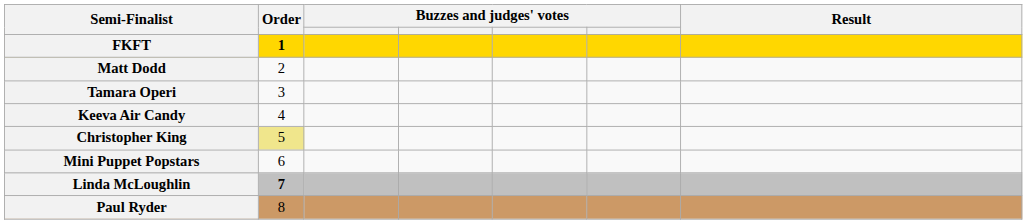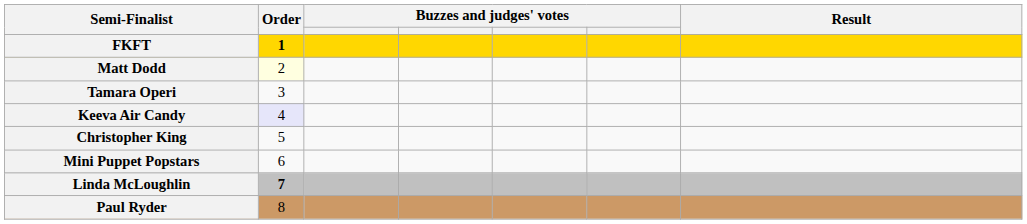 <table class="wikitable plainrowheaders sortable" style="text-align:center;">
 <tr>
 <th scope="col" rowspan="2" class="unsortable" style="width:17em;">Semi-Finalist</th>
 <th scope="col" rowspan="2" style="width:1em;">Order</th>
 <th scope="col" colspan="4" class="unsortable" style="width:24em;">Buzzes and judges' votes</th>
 <th scope="col" rowspan="2" style="width:23em;">Result</th>
 </tr>
 <tr>
 <th scope="col" class="unsortable" style="width:6em;"></th>
 <th scope="col" class="unsortable" style="width:6em;"></th>
 <th scope="col" class="unsortable" style="width:6em;"></th>
 <th scope="col" class="unsortable" style="width:6em;"></th>
 </tr>
 <tr style="background:gold">
 <th scope="row"><strong>FKFT</strong></th>
 <td><strong>1</strong></td>
 <td style="text-align:center;"></td>
 <td style="text-align:center;"></td>
 <td style="text-align:center;"></td>
 <td style="text-align:center;"></td>
 <td><strong></strong></td>
 </tr>
 <tr>
 <th scope="row">Matt Dodd</th>
-<td>2</td>
+<td style="background: lightyellow;">2</td>
 <td style="text-align:center;"></td>
 <td style="text-align:center;"></td>
 <td style="text-align:center;"></td>
 <td style="text-align:center;"></td>
 <td></td>
 </tr>
 <tr>
 <th scope="row">Tamara Operi</th>
 <td>3</td>
 <td style="text-align:center;"></td>
 <td style="text-align:center;"></td>
 <td style="text-align:center;"></td>
 <td style="text-align:center;"></td>
 <td></td>
 </tr>
 <tr>
 <th scope="row">Keeva Air Candy</th>
-<td>4</td>
+<td style="background: lavender;">4</td>
 <td style="text-align:center;"></td>
 <td style="text-align:center;"></td>
 <td style="text-align:center;"></td>
 <td style="text-align:center;"></td>
 <td></td>
 </tr>
 <tr>
 <th scope="row">Christopher King</th>
-<td style="background: khaki;">5</td>
+<td>5</td>
 <td style="text-align:center;"></td>
 <td style="text-align:center;"></td>
 <td style="text-align:center;"></td>
 <td style="text-align:center;"></td>
 <td></td>
 </tr>
 <tr>
 <th scope="row">Mini Puppet Popstars</th>
 <td>6</td>
 <td style="text-align:center;"></td>
 <td style="text-align:center;"></td>
 <td style="text-align:center;"></td>
 <td style="text-align:center;"></td>
 <td></td>
 </tr>
 <tr style="background:silver">
 <th scope="row"><strong>Linda McLoughlin</strong></th>
 <td><strong>7</strong></td>
 <td style="text-align:center;"></td>
 <td style="text-align:center;"></td>
 <td style="text-align:center;"></td>
 <td style="text-align:center;"></td>
 <td><strong></strong></td>
 </tr>
 <tr style="background:#c96">
 <th scope="row">Paul Ryder</th>
 <td>8</td>
 <td style="text-align:center;"></td>
 <td style="text-align:center;"></td>
 <td style="text-align:center;"></td>
 <td style="text-align:center;"></td>
 <td></td>
 </tr>
 </table>
